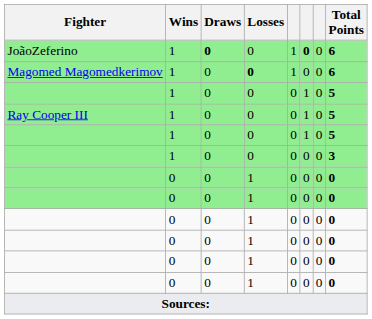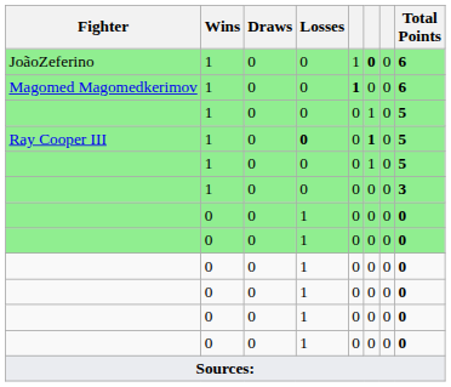 <table class="wikitable sortable">
 <tr>
 <th>Fighter</th>
 <th>Wins</th>
 <th>Draws</th>
 <th>Losses</th>
 <th></th>
 <th></th>
 <th></th>
 <th>Total<br> Points</th>
 </tr>
 <tr>
 <td style="background:#90EE90;">JoãoZeferino</td>
 <td style="background:#90EE90;">1</td>
-<td style="background:#90EE90;"><strong>0</strong></td>
+<td style="background:#90EE90;">0</td>
 <td style="background:#90EE90;">0</td>
 <td style="background:#90EE90;">1</td>
 <td style="background:#90EE90;"><strong>0</strong></td>
 <td style="background:#90EE90;">0</td>
 <td style="background:#90EE90;"><strong>6</strong></td>
 </tr>
 <tr>
 <td style="background:#90EE90;"><a href='#'>Magomed Magomedkerimov</a></td>
 <td style="background:#90EE90;">1</td>
 <td style="background:#90EE90;">0</td>
-<td style="background:#90EE90;"><strong>0</strong></td>
-<td style="background:#90EE90;">1</td>
+<td style="background:#90EE90;">0</td>
+<td style="background:#90EE90;"><strong>1</strong></td>
 <td style="background:#90EE90;">0</td>
 <td style="background:#90EE90;">0</td>
 <td style="background:#90EE90;"><strong>6</strong></td>
 </tr>
 <tr>
 <td style="background:#90EE90;"></td>
 <td style="background:#90EE90;">1</td>
 <td style="background:#90EE90;">0</td>
 <td style="background:#90EE90;">0</td>
 <td style="background:#90EE90;">0</td>
 <td style="background:#90EE90;">1</td>
 <td style="background:#90EE90;">0</td>
 <td style="background:#90EE90;"><strong>5</strong></td>
 </tr>
 <tr>
 <td style="background:#90EE90;"><a href='#'>Ray Cooper III</a></td>
 <td style="background:#90EE90;">1</td>
 <td style="background:#90EE90;">0</td>
+<td style="background:#90EE90;"><strong>0</strong></td>
 <td style="background:#90EE90;">0</td>
-<td style="background:#90EE90;">0</td>
-<td style="background:#90EE90;">1</td>
+<td style="background:#90EE90;"><strong>1</strong></td>
 <td style="background:#90EE90;">0</td>
 <td style="background:#90EE90;"><strong>5</strong></td>
 </tr>
 <tr>
 <td style="background:#90EE90;"></td>
 <td style="background:#90EE90;">1</td>
 <td style="background:#90EE90;">0</td>
 <td style="background:#90EE90;">0</td>
 <td style="background:#90EE90;">0</td>
 <td style="background:#90EE90;">1</td>
 <td style="background:#90EE90;">0</td>
 <td style="background:#90EE90;"><strong>5</strong></td>
 </tr>
 <tr>
 <td style="background:#90EE90;"></td>
 <td style="background:#90EE90;">1</td>
 <td style="background:#90EE90;">0</td>
 <td style="background:#90EE90;">0</td>
 <td style="background:#90EE90;">0</td>
 <td style="background:#90EE90;">0</td>
 <td style="background:#90EE90;">0</td>
 <td style="background:#90EE90;"><strong>3</strong></td>
 </tr>
 <tr>
 <td style="background:#90EE90;"></td>
 <td style="background:#90EE90;">0</td>
 <td style="background:#90EE90;">0</td>
 <td style="background:#90EE90;">1</td>
 <td style="background:#90EE90;">0</td>
 <td style="background:#90EE90;">0</td>
 <td style="background:#90EE90;">0</td>
 <td style="background:#90EE90;"><strong>0</strong></td>
 </tr>
 <tr>
 <td style="background:#90EE90;"></td>
 <td style="background:#90EE90;">0</td>
 <td style="background:#90EE90;">0</td>
 <td style="background:#90EE90;">1</td>
 <td style="background:#90EE90;">0</td>
 <td style="background:#90EE90;">0</td>
 <td style="background:#90EE90;">0</td>
 <td style="background:#90EE90;"><strong>0</strong></td>
 </tr>
 <tr>
 <td></td>
 <td>0</td>
 <td>0</td>
 <td>1</td>
 <td>0</td>
 <td>0</td>
 <td>0</td>
 <td><strong>0</strong></td>
 </tr>
 <tr>
 <td></td>
 <td>0</td>
 <td>0</td>
 <td>1</td>
 <td>0</td>
 <td>0</td>
 <td>0</td>
 <td><strong>0</strong></td>
 </tr>
 <tr>
 <td></td>
 <td>0</td>
 <td>0</td>
 <td>1</td>
 <td>0</td>
 <td>0</td>
 <td>0</td>
 <td><strong>0</strong></td>
 </tr>
 <tr>
 <td></td>
 <td>0</td>
 <td>0</td>
 <td>1</td>
 <td>0</td>
 <td>0</td>
 <td>0</td>
 <td><strong>0</strong></td>
 </tr>
 <tr>
 <td colspan="8" style="background-color:#EAECF0; text-align:center"><strong>Sources:</strong></td>
 </tr>
 </table>
